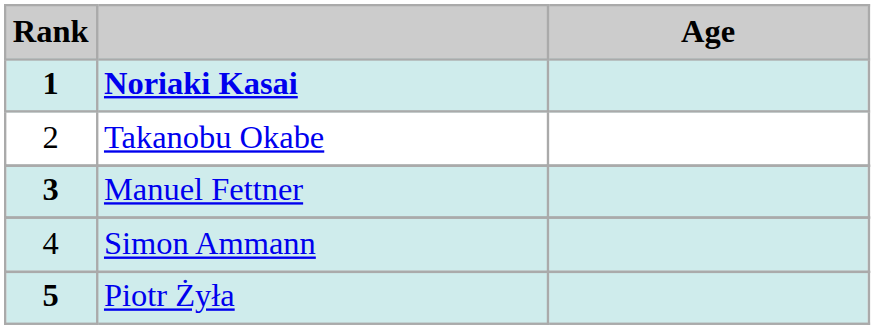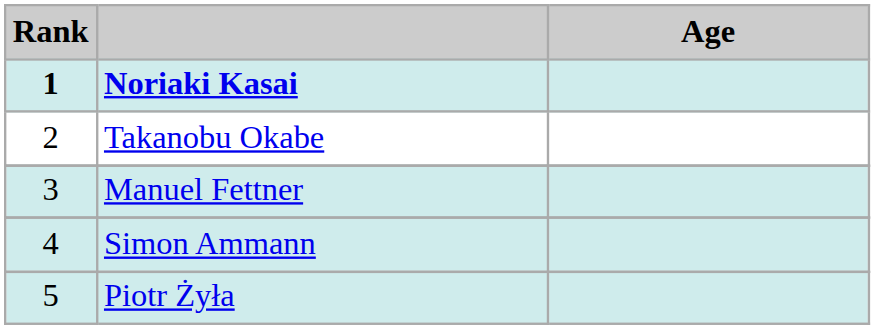 <table class="wikitable plainrowheaders" style="background:#fff; font-size:86%; line-height:16px; border:grey solid 1px; border-collapse:collapse;">
 <tr style="background:#ccc; text-align:center;">
 <th style="background:#ccc;">Rank</th>
 <th style="background:#ccc;" width="185"></th>
 <th style="background:#ccc;" width="129">Age</th>
 </tr>
 <tr bgcolor=#CFECEC>
 <td align=center><strong>1</strong></td>
 <td> <strong><a href='#'>Noriaki Kasai</a></strong></td>
 <td><strong></strong></td>
 </tr>
 <tr>
 <td align=center>2</td>
 <td> <a href='#'>Takanobu Okabe</a></td>
 <td></td>
 </tr>
 <tr>
 </tr>
 <tr bgcolor=#CFECEC>
-<td align=center><strong>3</strong></td>
+<td align=center>3</td>
 <td> <a href='#'>Manuel Fettner</a></td>
 <td></td>
 </tr>
 <tr>
 </tr>
 <tr bgcolor=#CFECEC>
 <td align=center>4</td>
 <td> <a href='#'>Simon Ammann</a></td>
 <td></td>
 </tr>
 <tr>
 </tr>
 <tr bgcolor=#CFECEC>
-<td align=center><strong>5</strong></td>
+<td align=center>5</td>
 <td> <a href='#'>Piotr Żyła</a></td>
 <td></td>
 </tr>
 </table>
